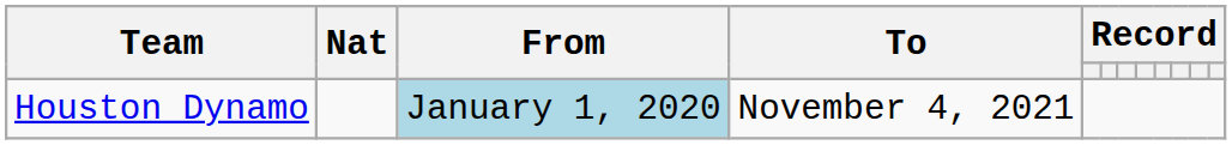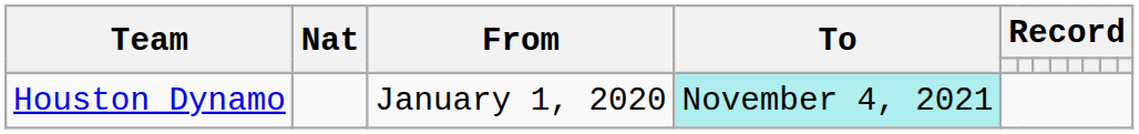 <table class="wikitable" style="text-align: center">
 <tr>
 <th rowspan="2">Team</th>
 <th rowspan="2">Nat</th>
 <th rowspan="2">From</th>
 <th rowspan="2">To</th>
 <th colspan="8">Record</th>
 </tr>
 <tr>
 <th></th>
 <th></th>
 <th></th>
 <th></th>
 <th></th>
 <th></th>
 <th></th>
 <th></th>
 </tr>
 <tr>
 <td align=left><a href='#'>Houston Dynamo</a></td>
 <td></td>
-<td align=left style="background: lightblue;">January 1, 2020</td>
-<td align=left>November 4, 2021<br></td>
+<td align=left>January 1, 2020</td>
+<td align=left style="background: paleturquoise;">November 4, 2021<br></td>
 </tr>
 </table>
